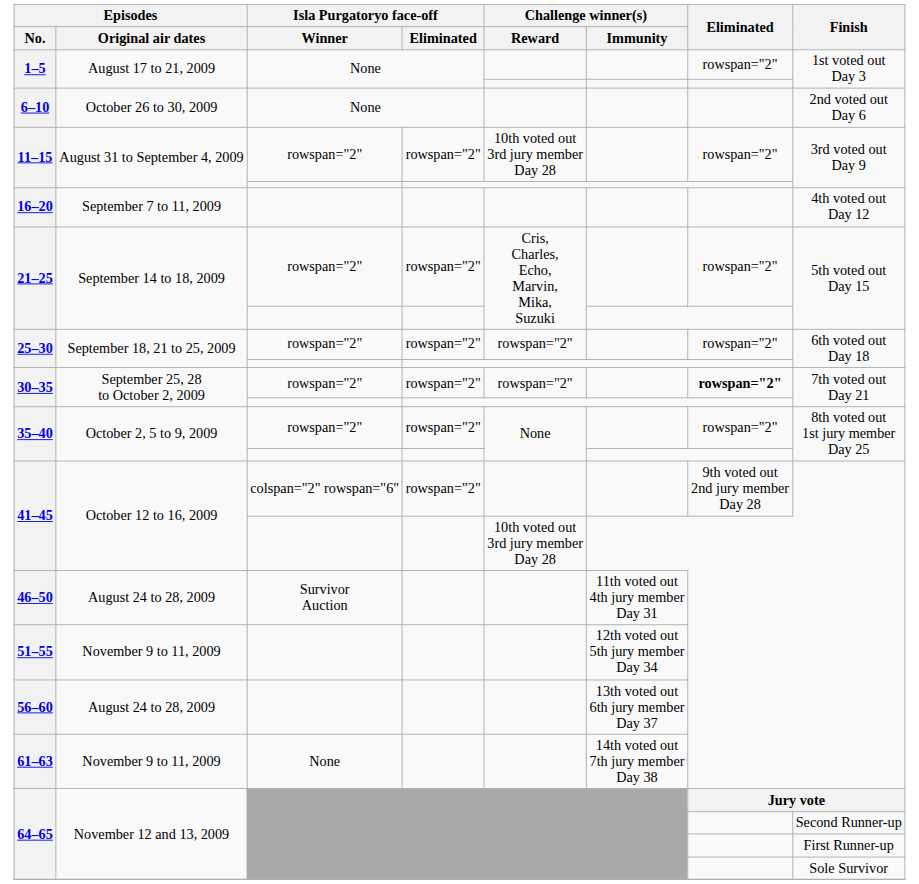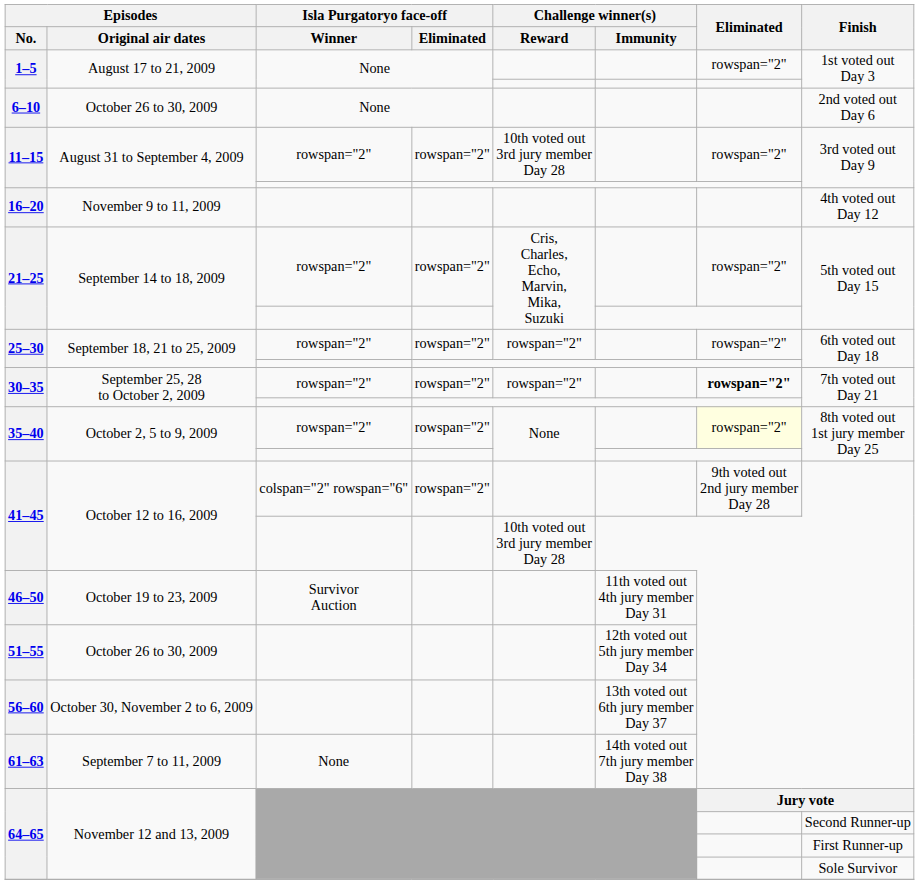 <table class="wikitable nowrap" style="margin:auto; text-align:center">
 <tr>
 <th colspan="2">Episodes</th>
 <th colspan="2">Isla Purgatoryo face-off</th>
 <th colspan="2">Challenge winner(s)</th>
 <th rowspan="2">Eliminated</th>
 <th rowspan="2">Finish</th>
 </tr>
 <tr>
 <th>No.</th>
 <th>Original air dates</th>
 <th>Winner</th>
 <th>Eliminated</th>
 <th>Reward</th>
 <th>Immunity</th>
 </tr>
 <tr>
 <th rowspan="2"><a href='#'>1–5</a></th>
 <td rowspan="2">August 17 to 21, 2009</td>
 <td colspan="2" rowspan="2">None</td>
 <td></td>
 <td></td>
 <td>rowspan="2" </td>
 <td rowspan="2">1st voted out<br>Day 3</td>
 </tr>
 <tr>
 <td></td>
 <td></td>
 </tr>
 <tr>
 <th><a href='#'>6–10</a></th>
 <td>October 26 to 30, 2009</td>
 <td colspan="2">None</td>
 <td></td>
 <td></td>
 <td></td>
 <td>2nd voted out<br>Day 6</td>
 </tr>
 <tr>
 <th rowspan="2"><a href='#'>11–15</a></th>
 <td rowspan="2">August 31 to September 4, 2009</td>
 <td>rowspan="2" </td>
 <td>rowspan="2" </td>
 <td style="text-align:center;">10th voted out<br>3rd jury member<br>Day 28</td>
 <td></td>
 <td>rowspan="2" </td>
 <td rowspan="2">3rd voted out<br>Day 9</td>
 </tr>
 <tr>
 <td></td>
 </tr>
 <tr>
 <th><a href='#'>16–20</a></th>
-<td>September 7 to 11, 2009</td>
+<td>November 9 to 11, 2009</td>
 <td></td>
 <td></td>
 <td></td>
 <td></td>
 <td></td>
 <td>4th voted out<br>Day 12</td>
 </tr>
 <tr>
 <th rowspan="2"><a href='#'>21–25</a></th>
 <td rowspan="2">September 14 to 18, 2009</td>
 <td>rowspan="2" </td>
 <td>rowspan="2" </td>
 <td rowspan="2"><span>Cris</span>,<br><span>Charles</span>,<br><span>Echo</span>,<br><span>Marvin</span>,<br><span>Mika</span>,<br><span>Suzuki</span></td>
 <td></td>
 <td>rowspan="2" </td>
 <td rowspan="2">5th voted out<br>Day 15</td>
 </tr>
 <tr>
 <td></td>
 </tr>
 <tr>
 <th rowspan="2"><a href='#'>25–30</a></th>
 <td rowspan="2">September 18, 21 to 25, 2009</td>
 <td>rowspan="2" </td>
 <td>rowspan="2" </td>
 <td>rowspan="2" </td>
 <td></td>
 <td>rowspan="2" </td>
 <td rowspan="2">6th voted out<br>Day 18</td>
 </tr>
 <tr>
 <td></td>
 </tr>
 <tr>
 <th rowspan="2"><a href='#'>30–35</a></th>
 <td rowspan="2">September 25, 28<br>to October 2, 2009</td>
 <td>rowspan="2" </td>
 <td>rowspan="2" </td>
 <td>rowspan="2" </td>
 <td></td>
 <td><strong>rowspan="2" </strong></td>
 <td rowspan="2">7th voted out<br>Day 21</td>
 </tr>
 <tr>
 <td></td>
 </tr>
 <tr>
 <th rowspan="2"><a href='#'>35–40</a></th>
 <td rowspan="2">October 2, 5 to 9, 2009</td>
 <td>rowspan="2" </td>
 <td>rowspan="2" </td>
 <td style="text-align:center;" rowspan="2">None</td>
 <td></td>
-<td>rowspan="2" </td>
+<td style="background: lightyellow;">rowspan="2" </td>
 <td rowspan="2">8th voted out<br>1st jury member<br>Day 25</td>
 </tr>
 <tr>
 <td></td>
 </tr>
 <tr>
 <th rowspan="2"><a href='#'>41–45</a></th>
 <td rowspan="2">October 12 to 16, 2009</td>
 <td>colspan="2" rowspan="6" </td>
 <td>rowspan="2" </td>
 <td></td>
 <td></td>
 <td style="text-align:center;">9th voted out<br>2nd jury member<br>Day 28</td>
 </tr>
 <tr>
 <td></td>
 <td></td>
 <td style="text-align:center;">10th voted out<br>3rd jury member<br>Day 28</td>
 </tr>
 <tr>
 <th><a href='#'>46–50</a></th>
-<td>August 24 to 28, 2009</td>
+<td>October 19 to 23, 2009</td>
 <td>Survivor<br>Auction</td>
 <td></td>
 <td></td>
 <td style="text-align:center;">11th voted out<br>4th jury member<br>Day 31</td>
 </tr>
 <tr>
 <th><a href='#'>51–55</a></th>
-<td>November 9 to 11, 2009</td>
+<td>October 26 to 30, 2009</td>
 <td></td>
 <td></td>
 <td></td>
 <td style="text-align:center;">12th voted out<br>5th jury member<br>Day 34</td>
 </tr>
 <tr>
 <th><a href='#'>56–60</a></th>
-<td>August 24 to 28, 2009</td>
+<td>October 30, November 2 to 6, 2009</td>
 <td></td>
 <td></td>
 <td></td>
 <td style="text-align:center;">13th voted out<br>6th jury member<br>Day 37</td>
 </tr>
 <tr>
 <th><a href='#'>61–63</a></th>
-<td>November 9 to 11, 2009</td>
+<td>September 7 to 11, 2009</td>
 <td>None</td>
 <td></td>
 <td></td>
 <td style="text-align:center;">14th voted out<br>7th jury member<br>Day 38</td>
 </tr>
 <tr>
 <th rowspan="4"><a href='#'>64–65</a></th>
 <td rowspan=4>November 12 and 13, 2009</td>
 <td style="text-align:center;" bgcolor="darkgray" colspan="4" rowspan="4"></td>
 <th colspan="3">Jury vote</th>
 </tr>
 <tr>
 <td></td>
 <td style="text-align:center;">Second Runner-up</td>
 </tr>
 <tr>
 <td></td>
 <td style="text-align:center;">First Runner-up</td>
 </tr>
 <tr>
 <td></td>
 <td style="text-align:center;">Sole Survivor</td>
 </tr>
 <tr>
 </tr>
 </table>
